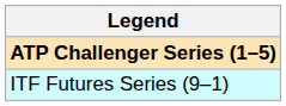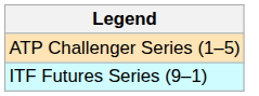 <table class=wikitable>
 <tr>
 <th>Legend</th>
 </tr>
 <tr bgcolor=moccasin>
-<td><strong>ATP Challenger Series (1–5)</strong></td>
+<td>ATP Challenger Series (1–5)</td>
 </tr>
 <tr bgcolor=CFFCFF>
 <td>ITF Futures Series (9–1)</td>
 </tr>
 </table>
